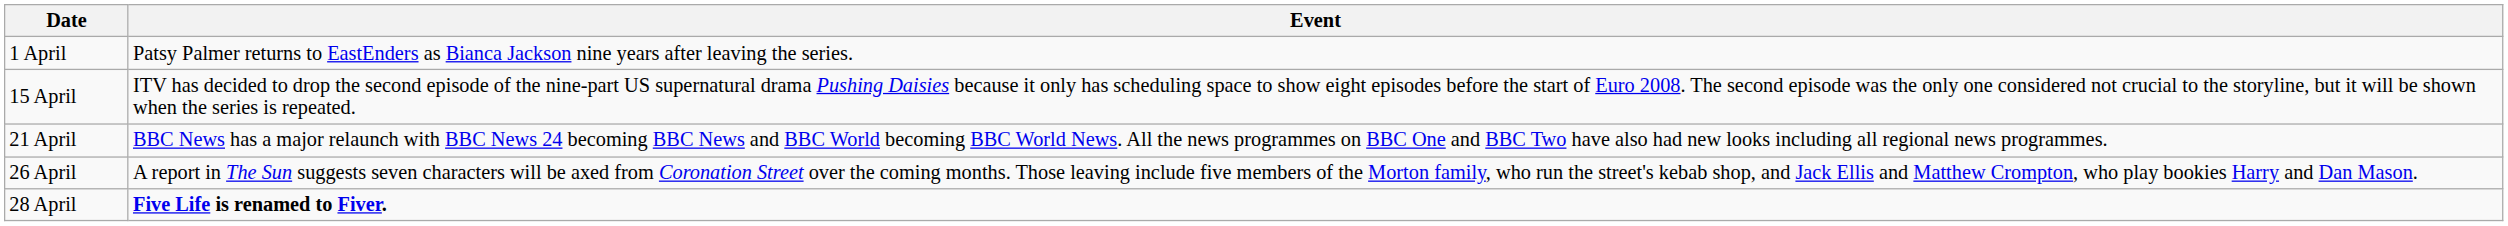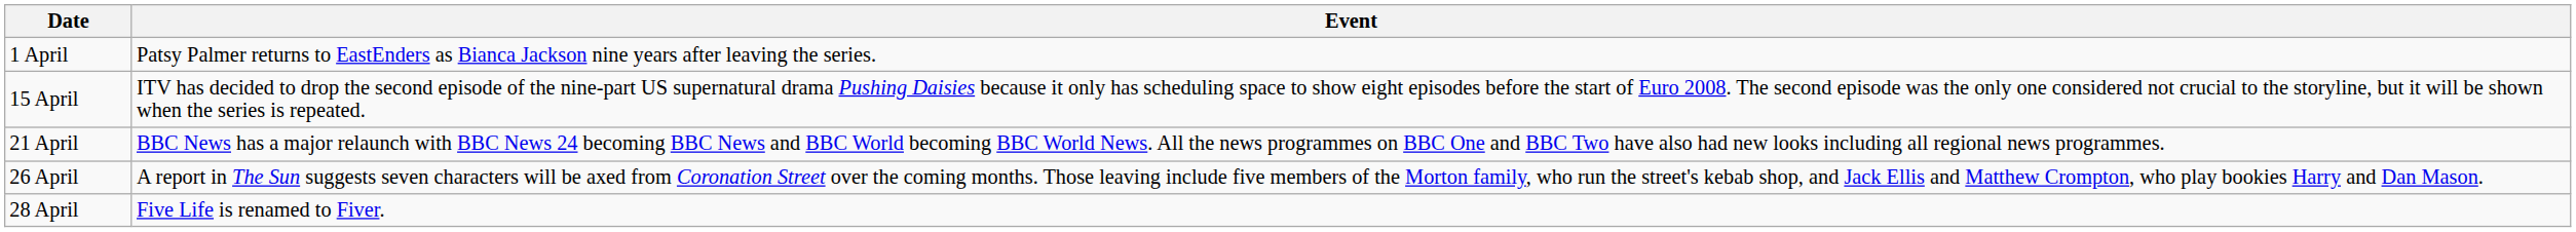 <table class="wikitable">
 <tr>
 <th width=90>Date</th>
 <th>Event</th>
 </tr>
 <tr>
 <td>1 April</td>
 <td>Patsy Palmer returns to <a href='#'>EastEnders</a> as <a href='#'>Bianca Jackson</a> nine years after leaving the series.</td>
 </tr>
 <tr>
 <td>15 April</td>
 <td>ITV has decided to drop the second episode of the nine-part US supernatural drama <em><a href='#'>Pushing Daisies</a></em> because it only has scheduling space to show eight episodes before the start of <a href='#'>Euro 2008</a>. The second episode was the only one considered not crucial to the storyline, but it will be shown when the series is repeated.</td>
 </tr>
 <tr>
 <td>21 April</td>
 <td><a href='#'>BBC News</a> has a major relaunch with <a href='#'>BBC News 24</a> becoming <a href='#'>BBC News</a> and <a href='#'>BBC World</a> becoming <a href='#'>BBC World News</a>. All the news programmes on <a href='#'>BBC One</a> and <a href='#'>BBC Two</a> have also had new looks including all regional news programmes.</td>
 </tr>
 <tr>
 <td>26 April</td>
 <td>A report in <em><a href='#'>The Sun</a></em> suggests seven characters will be axed from <em><a href='#'>Coronation Street</a></em> over the coming months. Those leaving include five members of the <a href='#'>Morton family</a>, who run the street's kebab shop, and <a href='#'>Jack Ellis</a> and <a href='#'>Matthew Crompton</a>, who play bookies <a href='#'>Harry</a> and <a href='#'>Dan Mason</a>.</td>
 </tr>
 <tr>
 <td>28 April</td>
-<td><strong><a href='#'>Five Life</a> is renamed to <a href='#'>Fiver</a>.</strong></td>
+<td><a href='#'>Five Life</a> is renamed to <a href='#'>Fiver</a>.</td>
 </tr>
 </table>
